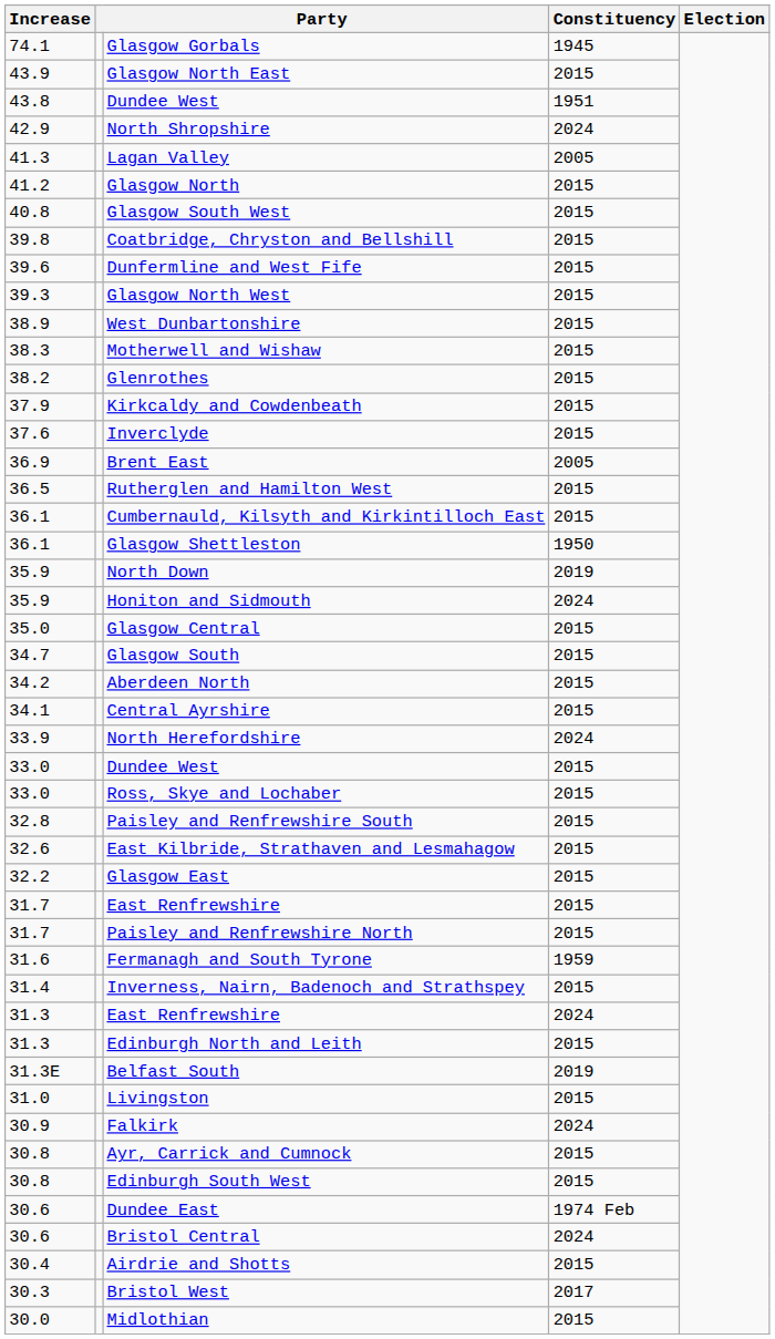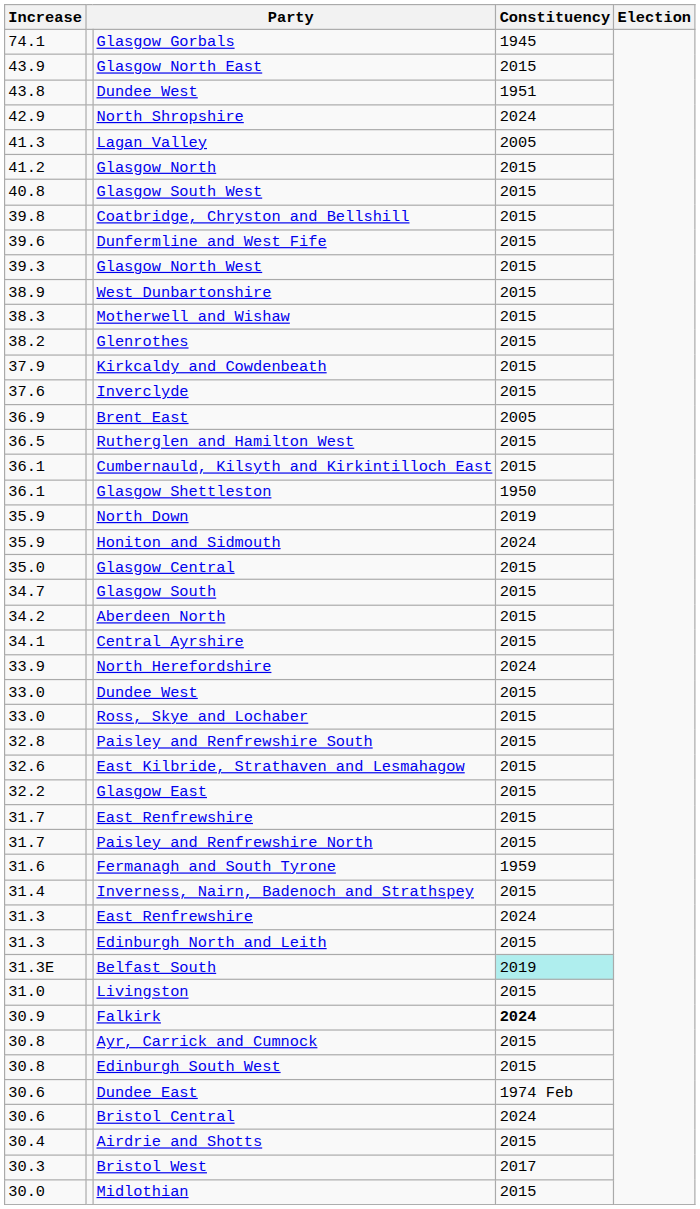 <table class="wikitable sortable">
 <tr>
 <th>Increase </th>
 <th colspan=2>Party</th>
 <th>Constituency</th>
 <th>Election</th>
 </tr>
 <tr>
 <td>74.1</td>
 <td></td>
 <td><a href='#'>Glasgow Gorbals</a></td>
 <td>1945</td>
 </tr>
 <tr>
 <td>43.9</td>
 <td></td>
 <td><a href='#'>Glasgow North East</a></td>
 <td>2015</td>
 </tr>
 <tr>
 <td>43.8</td>
 <td></td>
 <td><a href='#'>Dundee West</a></td>
 <td>1951</td>
 </tr>
 <tr>
 <td>42.9</td>
 <td></td>
 <td><a href='#'>North Shropshire</a></td>
 <td>2024</td>
 </tr>
 <tr>
 <td>41.3</td>
 <td></td>
 <td><a href='#'>Lagan Valley</a></td>
 <td>2005</td>
 </tr>
 <tr>
 <td>41.2</td>
 <td></td>
 <td><a href='#'>Glasgow North</a></td>
 <td>2015</td>
 </tr>
 <tr>
 <td>40.8</td>
 <td></td>
 <td><a href='#'>Glasgow South West</a></td>
 <td>2015</td>
 </tr>
 <tr>
 <td>39.8</td>
 <td></td>
 <td><a href='#'>Coatbridge, Chryston and Bellshill</a></td>
 <td>2015</td>
 </tr>
 <tr>
 <td>39.6</td>
 <td></td>
 <td><a href='#'>Dunfermline and West Fife</a></td>
 <td>2015</td>
 </tr>
 <tr>
 <td>39.3</td>
 <td></td>
 <td><a href='#'>Glasgow North West</a></td>
 <td>2015</td>
 </tr>
 <tr>
 <td>38.9</td>
 <td></td>
 <td><a href='#'>West Dunbartonshire</a></td>
 <td>2015</td>
 </tr>
 <tr>
 <td>38.3</td>
 <td></td>
 <td><a href='#'>Motherwell and Wishaw</a></td>
 <td>2015</td>
 </tr>
 <tr>
 <td>38.2</td>
 <td></td>
 <td><a href='#'>Glenrothes</a></td>
 <td>2015</td>
 </tr>
 <tr>
 <td>37.9</td>
 <td></td>
 <td><a href='#'>Kirkcaldy and Cowdenbeath</a></td>
 <td>2015</td>
 </tr>
 <tr>
 <td>37.6</td>
 <td></td>
 <td><a href='#'>Inverclyde</a></td>
 <td>2015</td>
 </tr>
 <tr>
 <td>36.9</td>
 <td></td>
 <td><a href='#'>Brent East</a></td>
 <td>2005</td>
 </tr>
 <tr>
 <td>36.5</td>
 <td></td>
 <td><a href='#'>Rutherglen and Hamilton West</a></td>
 <td>2015</td>
 </tr>
 <tr>
 <td>36.1</td>
 <td></td>
 <td><a href='#'>Cumbernauld, Kilsyth and Kirkintilloch East</a></td>
 <td>2015</td>
 </tr>
 <tr>
 <td>36.1</td>
 <td></td>
 <td><a href='#'>Glasgow Shettleston</a></td>
 <td>1950</td>
 </tr>
 <tr>
 <td scope="row" style="text-align: left;">35.9</td>
 <td></td>
 <td><a href='#'>North Down</a></td>
 <td>2019</td>
 </tr>
 <tr>
 <td>35.9</td>
 <td></td>
 <td><a href='#'>Honiton and Sidmouth</a></td>
 <td>2024</td>
 </tr>
 <tr>
 <td>35.0</td>
 <td></td>
 <td><a href='#'>Glasgow Central</a></td>
 <td>2015</td>
 </tr>
 <tr>
 <td>34.7</td>
 <td></td>
 <td><a href='#'>Glasgow South</a></td>
 <td>2015</td>
 </tr>
 <tr>
 <td>34.2</td>
 <td></td>
 <td><a href='#'>Aberdeen North</a></td>
 <td>2015</td>
 </tr>
 <tr>
 <td>34.1</td>
 <td></td>
 <td><a href='#'>Central Ayrshire</a></td>
 <td>2015</td>
 </tr>
 <tr>
 <td>33.9</td>
 <td></td>
 <td><a href='#'>North Herefordshire</a></td>
 <td>2024</td>
 </tr>
 <tr>
 <td>33.0</td>
 <td></td>
 <td><a href='#'>Dundee West</a></td>
 <td>2015</td>
 </tr>
 <tr>
 <td>33.0</td>
 <td></td>
 <td><a href='#'>Ross, Skye and Lochaber</a></td>
 <td>2015</td>
 </tr>
 <tr>
 <td>32.8</td>
 <td></td>
 <td><a href='#'>Paisley and Renfrewshire South</a></td>
 <td>2015</td>
 </tr>
 <tr>
 <td>32.6</td>
 <td></td>
 <td><a href='#'>East Kilbride, Strathaven and Lesmahagow</a></td>
 <td>2015</td>
 </tr>
 <tr>
 <td>32.2</td>
 <td></td>
 <td><a href='#'>Glasgow East</a></td>
 <td>2015</td>
 </tr>
 <tr>
 <td>31.7</td>
 <td></td>
 <td><a href='#'>East Renfrewshire</a></td>
 <td>2015</td>
 </tr>
 <tr>
 <td>31.7</td>
 <td></td>
 <td><a href='#'>Paisley and Renfrewshire North</a></td>
 <td>2015</td>
 </tr>
 <tr>
 <td>31.6</td>
 <td></td>
 <td><a href='#'>Fermanagh and South Tyrone</a></td>
 <td>1959</td>
 </tr>
 <tr>
 <td>31.4</td>
 <td></td>
 <td><a href='#'>Inverness, Nairn, Badenoch and Strathspey</a></td>
 <td>2015</td>
 </tr>
 <tr>
 <td>31.3</td>
 <td></td>
 <td><a href='#'>East Renfrewshire</a></td>
 <td>2024</td>
 </tr>
 <tr>
 <td>31.3</td>
 <td></td>
 <td><a href='#'>Edinburgh North and Leith</a></td>
 <td>2015</td>
 </tr>
 <tr>
 <td>31.3E</td>
 <td></td>
 <td><a href='#'>Belfast South</a></td>
-<td>2019</td>
+<td style="background: paleturquoise;">2019</td>
 </tr>
 <tr>
 <td>31.0</td>
 <td></td>
 <td><a href='#'>Livingston</a></td>
 <td>2015</td>
 </tr>
 <tr>
 <td>30.9</td>
 <td></td>
 <td><a href='#'>Falkirk</a></td>
-<td>2024</td>
+<td><strong>2024</strong></td>
 </tr>
 <tr>
 <td>30.8</td>
 <td></td>
 <td><a href='#'>Ayr, Carrick and Cumnock</a></td>
 <td>2015</td>
 </tr>
 <tr>
 <td>30.8</td>
 <td></td>
 <td><a href='#'>Edinburgh South West</a></td>
 <td>2015</td>
 </tr>
 <tr>
 <td>30.6</td>
 <td></td>
 <td><a href='#'>Dundee East</a></td>
 <td>1974 Feb</td>
 </tr>
 <tr>
 <td>30.6</td>
 <td></td>
 <td><a href='#'>Bristol Central</a></td>
 <td>2024</td>
 </tr>
 <tr>
 <td>30.4</td>
 <td></td>
 <td><a href='#'>Airdrie and Shotts</a></td>
 <td>2015</td>
 </tr>
 <tr>
 <td>30.3</td>
 <td></td>
 <td><a href='#'>Bristol West</a></td>
 <td>2017</td>
 </tr>
 <tr>
 <td>30.0</td>
 <td></td>
 <td><a href='#'>Midlothian</a></td>
 <td>2015</td>
 </tr>
 </table>
